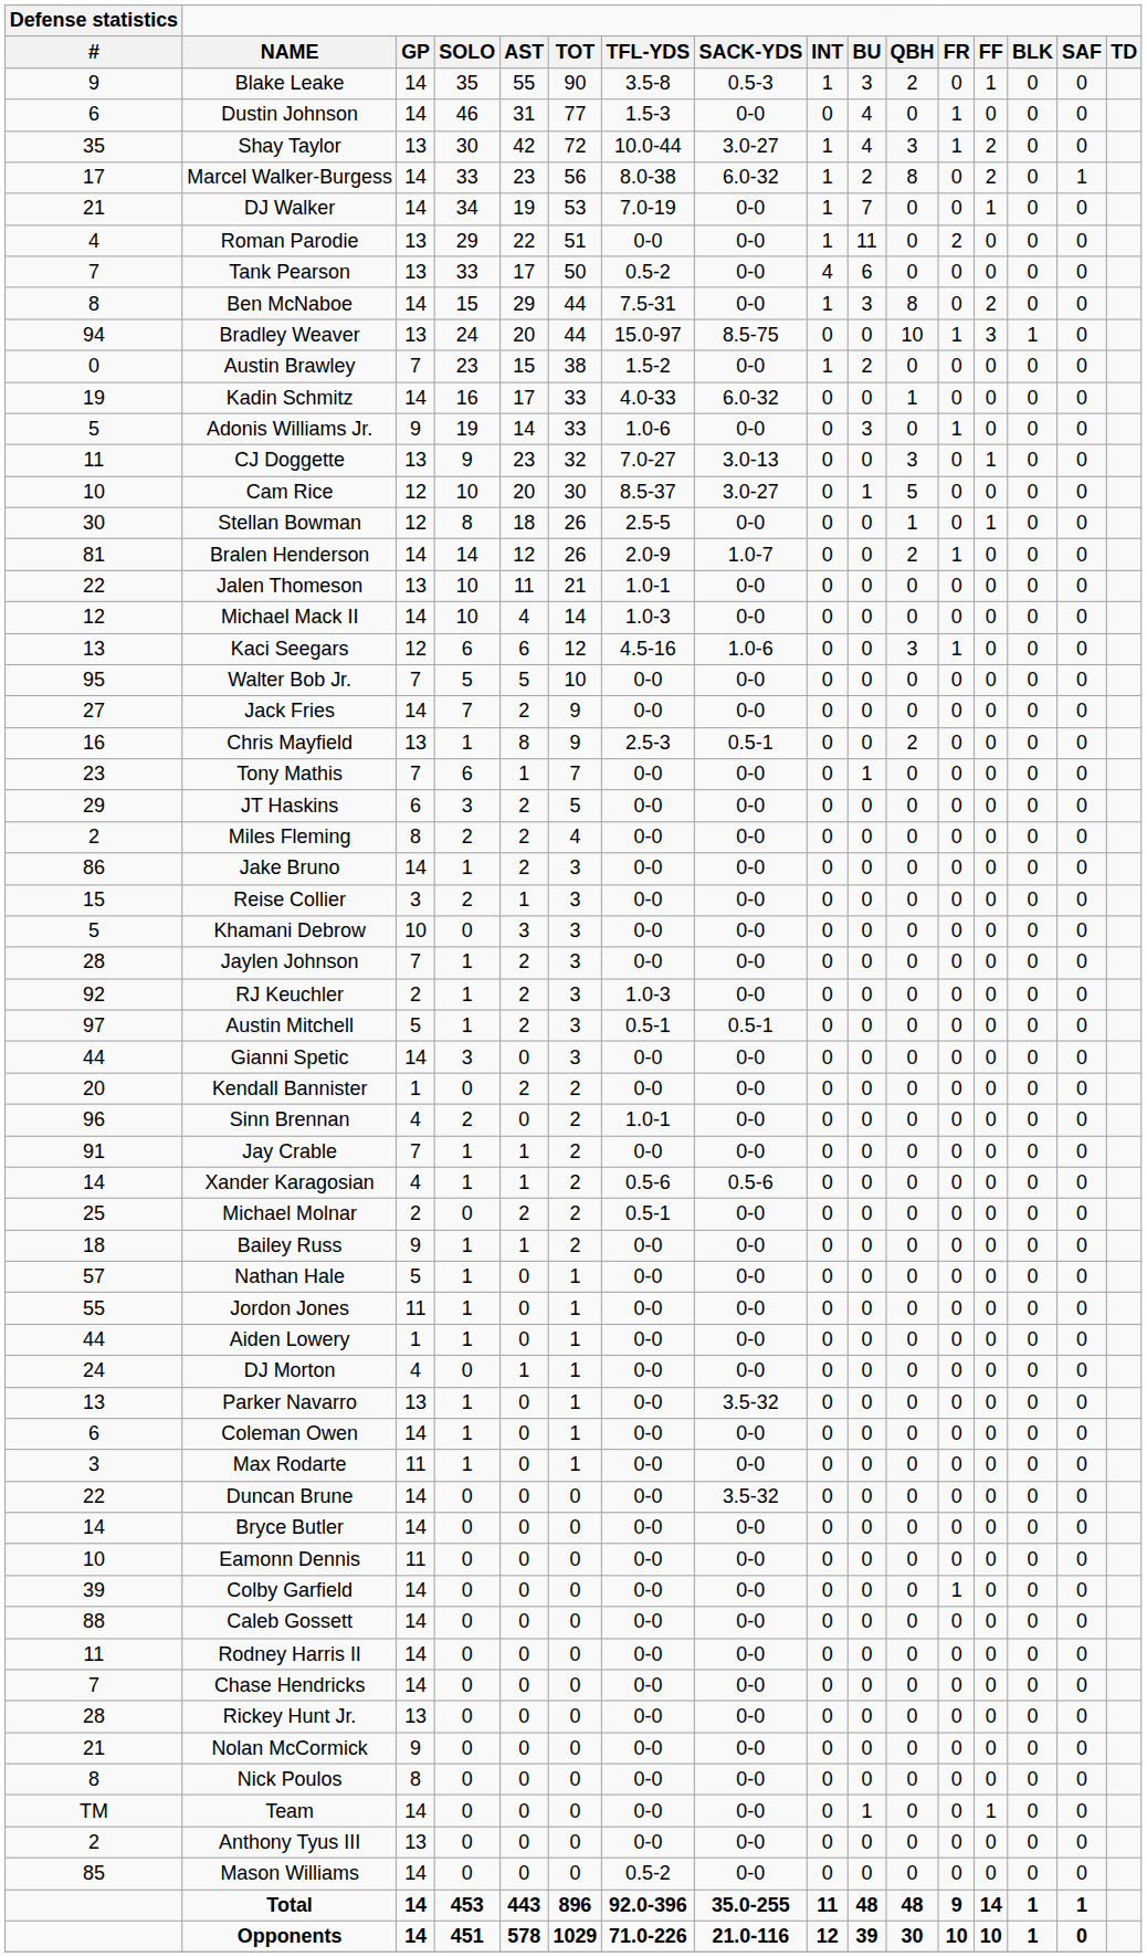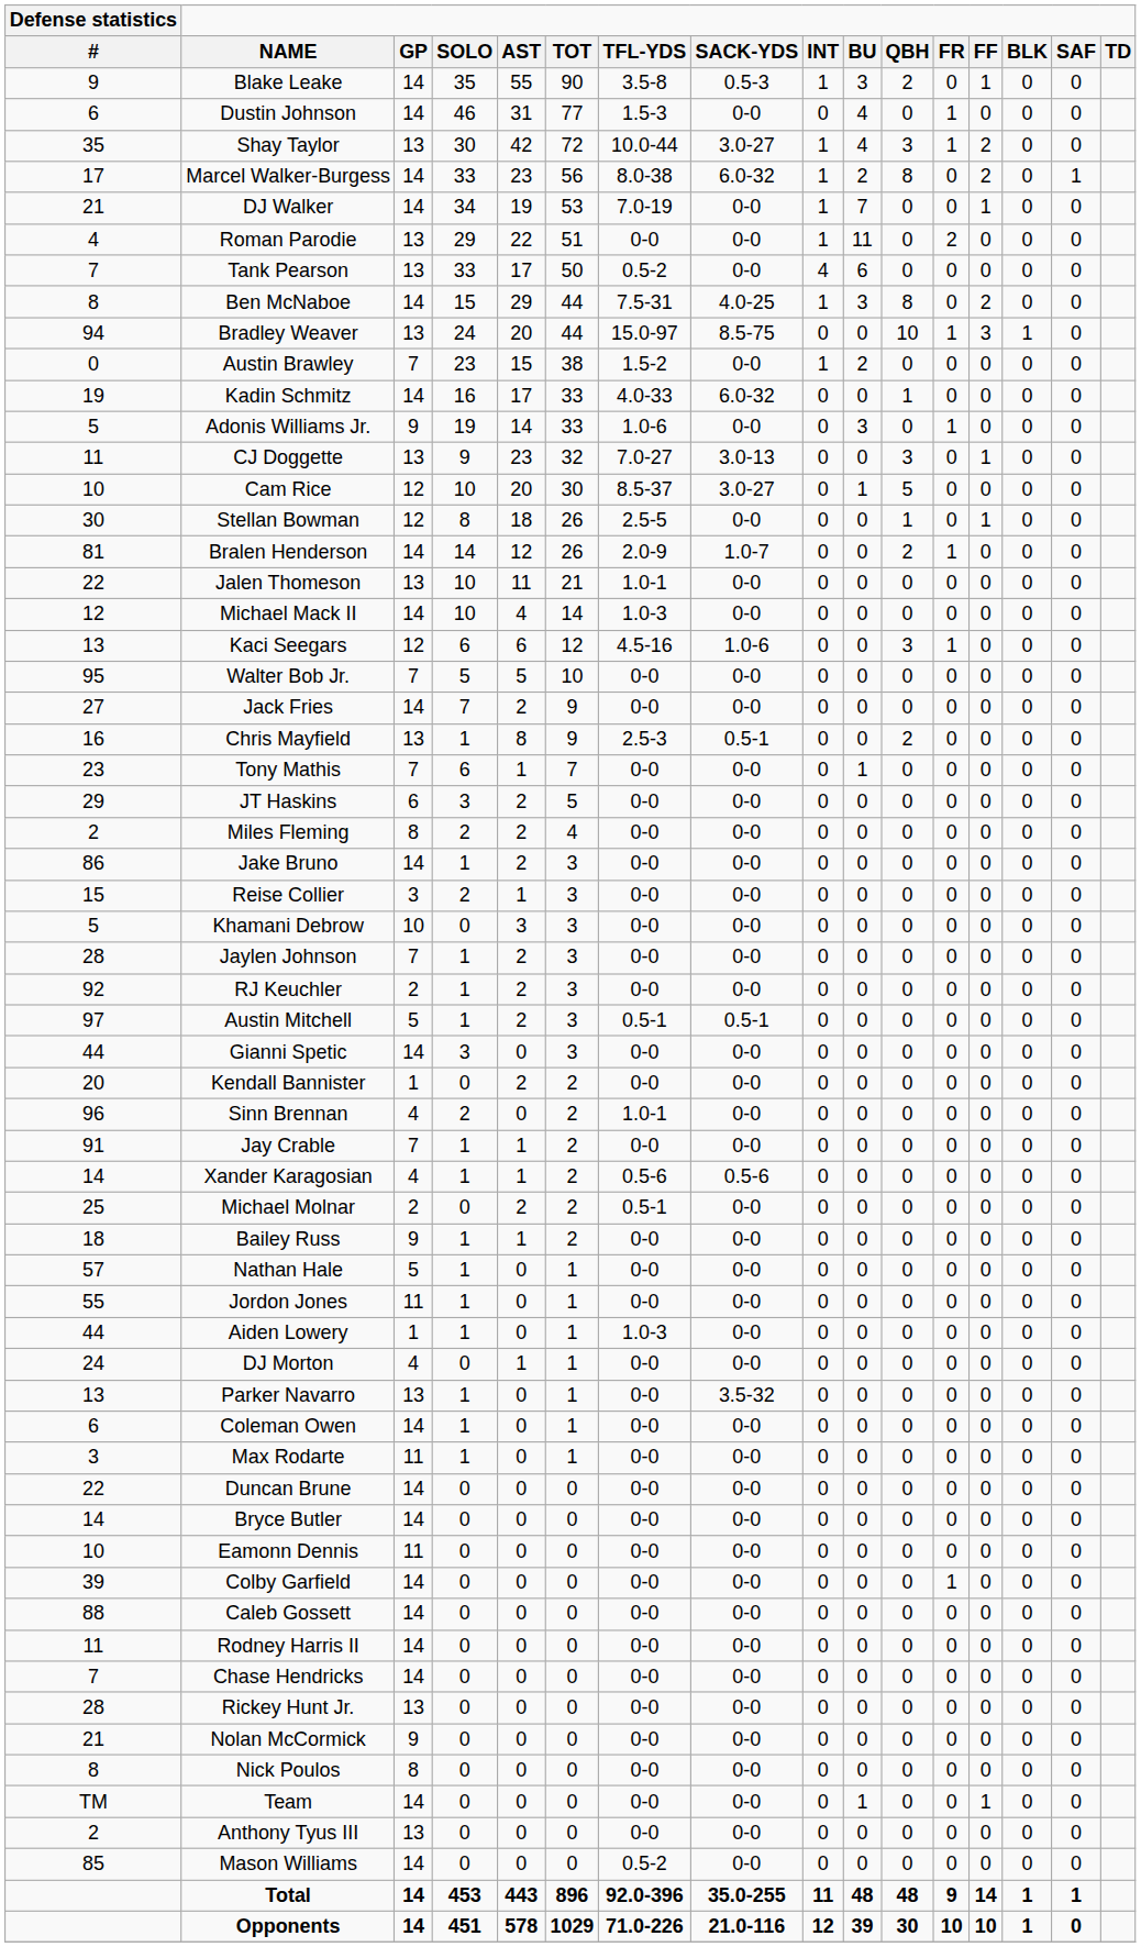 <table class="wikitable sortable" style="text-align:center;">
 <tr>
 <th style="text-align:center; ">Defense statistics</th>
 </tr>
 <tr>
 <th>#</th>
 <th>NAME</th>
 <th>GP</th>
 <th>SOLO</th>
 <th>AST</th>
 <th>TOT</th>
 <th>TFL-YDS</th>
 <th>SACK-YDS</th>
 <th>INT</th>
 <th>BU</th>
 <th>QBH</th>
 <th>FR</th>
 <th>FF</th>
 <th>BLK</th>
 <th>SAF</th>
 <th>TD</th>
 </tr>
 <tr>
 <td>9</td>
 <td>Blake Leake</td>
 <td>14</td>
 <td>35</td>
 <td>55</td>
 <td>90</td>
 <td>3.5-8</td>
 <td>0.5-3</td>
 <td>1</td>
 <td>3</td>
 <td>2</td>
 <td>0</td>
 <td>1</td>
 <td>0</td>
 <td>0</td>
 <td></td>
 </tr>
 <tr>
 <td>6</td>
 <td>Dustin Johnson</td>
 <td>14</td>
 <td>46</td>
 <td>31</td>
 <td>77</td>
 <td>1.5-3</td>
 <td>0-0</td>
 <td>0</td>
 <td>4</td>
 <td>0</td>
 <td>1</td>
 <td>0</td>
 <td>0</td>
 <td>0</td>
 <td></td>
 </tr>
 <tr>
 <td>35</td>
 <td>Shay Taylor</td>
 <td>13</td>
 <td>30</td>
 <td>42</td>
 <td>72</td>
 <td>10.0-44</td>
 <td>3.0-27</td>
 <td>1</td>
 <td>4</td>
 <td>3</td>
 <td>1</td>
 <td>2</td>
 <td>0</td>
 <td>0</td>
 <td></td>
 </tr>
 <tr>
 <td>17</td>
 <td>Marcel Walker-Burgess</td>
 <td>14</td>
 <td>33</td>
 <td>23</td>
 <td>56</td>
 <td>8.0-38</td>
 <td>6.0-32</td>
 <td>1</td>
 <td>2</td>
 <td>8</td>
 <td>0</td>
 <td>2</td>
 <td>0</td>
 <td>1</td>
 <td></td>
 </tr>
 <tr>
 <td>21</td>
 <td>DJ Walker</td>
 <td>14</td>
 <td>34</td>
 <td>19</td>
 <td>53</td>
 <td>7.0-19</td>
 <td>0-0</td>
 <td>1</td>
 <td>7</td>
 <td>0</td>
 <td>0</td>
 <td>1</td>
 <td>0</td>
 <td>0</td>
 <td></td>
 </tr>
 <tr>
 <td>4</td>
 <td>Roman Parodie</td>
 <td>13</td>
 <td>29</td>
 <td>22</td>
 <td>51</td>
 <td>0-0</td>
 <td>0-0</td>
 <td>1</td>
 <td>11</td>
 <td>0</td>
 <td>2</td>
 <td>0</td>
 <td>0</td>
 <td>0</td>
 <td></td>
 </tr>
 <tr>
 <td>7</td>
 <td>Tank Pearson</td>
 <td>13</td>
 <td>33</td>
 <td>17</td>
 <td>50</td>
 <td>0.5-2</td>
 <td>0-0</td>
 <td>4</td>
 <td>6</td>
 <td>0</td>
 <td>0</td>
 <td>0</td>
 <td>0</td>
 <td>0</td>
 <td></td>
 </tr>
 <tr>
 <td>8</td>
 <td>Ben McNaboe</td>
 <td>14</td>
 <td>15</td>
 <td>29</td>
 <td>44</td>
 <td>7.5-31</td>
-<td>0-0</td>
+<td>4.0-25</td>
 <td>1</td>
 <td>3</td>
 <td>8</td>
 <td>0</td>
 <td>2</td>
 <td>0</td>
 <td>0</td>
 <td></td>
 </tr>
 <tr>
 <td>94</td>
 <td>Bradley Weaver</td>
 <td>13</td>
 <td>24</td>
 <td>20</td>
 <td>44</td>
 <td>15.0-97</td>
 <td>8.5-75</td>
 <td>0</td>
 <td>0</td>
 <td>10</td>
 <td>1</td>
 <td>3</td>
 <td>1</td>
 <td>0</td>
 <td></td>
 </tr>
 <tr>
 <td>0</td>
 <td>Austin Brawley</td>
 <td>7</td>
 <td>23</td>
 <td>15</td>
 <td>38</td>
 <td>1.5-2</td>
 <td>0-0</td>
 <td>1</td>
 <td>2</td>
 <td>0</td>
 <td>0</td>
 <td>0</td>
 <td>0</td>
 <td>0</td>
 <td></td>
 </tr>
 <tr>
 <td>19</td>
 <td>Kadin Schmitz</td>
 <td>14</td>
 <td>16</td>
 <td>17</td>
 <td>33</td>
 <td>4.0-33</td>
 <td>6.0-32</td>
 <td>0</td>
 <td>0</td>
 <td>1</td>
 <td>0</td>
 <td>0</td>
 <td>0</td>
 <td>0</td>
 <td></td>
 </tr>
 <tr>
 <td>5</td>
 <td>Adonis Williams Jr.</td>
 <td>9</td>
 <td>19</td>
 <td>14</td>
 <td>33</td>
 <td>1.0-6</td>
 <td>0-0</td>
 <td>0</td>
 <td>3</td>
 <td>0</td>
 <td>1</td>
 <td>0</td>
 <td>0</td>
 <td>0</td>
 <td></td>
 </tr>
 <tr>
 <td>11</td>
 <td>CJ Doggette</td>
 <td>13</td>
 <td>9</td>
 <td>23</td>
 <td>32</td>
 <td>7.0-27</td>
 <td>3.0-13</td>
 <td>0</td>
 <td>0</td>
 <td>3</td>
 <td>0</td>
 <td>1</td>
 <td>0</td>
 <td>0</td>
 <td></td>
 </tr>
 <tr>
 <td>10</td>
 <td>Cam Rice</td>
 <td>12</td>
 <td>10</td>
 <td>20</td>
 <td>30</td>
 <td>8.5-37</td>
 <td>3.0-27</td>
 <td>0</td>
 <td>1</td>
 <td>5</td>
 <td>0</td>
 <td>0</td>
 <td>0</td>
 <td>0</td>
 <td></td>
 </tr>
 <tr>
 <td>30</td>
 <td>Stellan Bowman</td>
 <td>12</td>
 <td>8</td>
 <td>18</td>
 <td>26</td>
 <td>2.5-5</td>
 <td>0-0</td>
 <td>0</td>
 <td>0</td>
 <td>1</td>
 <td>0</td>
 <td>1</td>
 <td>0</td>
 <td>0</td>
 <td></td>
 </tr>
 <tr>
 <td>81</td>
 <td>Bralen Henderson</td>
 <td>14</td>
 <td>14</td>
 <td>12</td>
 <td>26</td>
 <td>2.0-9</td>
 <td>1.0-7</td>
 <td>0</td>
 <td>0</td>
 <td>2</td>
 <td>1</td>
 <td>0</td>
 <td>0</td>
 <td>0</td>
 <td></td>
 </tr>
 <tr>
 <td>22</td>
 <td>Jalen Thomeson</td>
 <td>13</td>
 <td>10</td>
 <td>11</td>
 <td>21</td>
 <td>1.0-1</td>
 <td>0-0</td>
 <td>0</td>
 <td>0</td>
 <td>0</td>
 <td>0</td>
 <td>0</td>
 <td>0</td>
 <td>0</td>
 <td></td>
 </tr>
 <tr>
 <td>12</td>
 <td>Michael Mack II</td>
 <td>14</td>
 <td>10</td>
 <td>4</td>
 <td>14</td>
 <td>1.0-3</td>
 <td>0-0</td>
 <td>0</td>
 <td>0</td>
 <td>0</td>
 <td>0</td>
 <td>0</td>
 <td>0</td>
 <td>0</td>
 <td></td>
 </tr>
 <tr>
 <td>13</td>
 <td>Kaci Seegars</td>
 <td>12</td>
 <td>6</td>
 <td>6</td>
 <td>12</td>
 <td>4.5-16</td>
 <td>1.0-6</td>
 <td>0</td>
 <td>0</td>
 <td>3</td>
 <td>1</td>
 <td>0</td>
 <td>0</td>
 <td>0</td>
 <td></td>
 </tr>
 <tr>
 <td>95</td>
 <td>Walter Bob Jr.</td>
 <td>7</td>
 <td>5</td>
 <td>5</td>
 <td>10</td>
 <td>0-0</td>
 <td>0-0</td>
 <td>0</td>
 <td>0</td>
 <td>0</td>
 <td>0</td>
 <td>0</td>
 <td>0</td>
 <td>0</td>
 <td></td>
 </tr>
 <tr>
 <td>27</td>
 <td>Jack Fries</td>
 <td>14</td>
 <td>7</td>
 <td>2</td>
 <td>9</td>
 <td>0-0</td>
 <td>0-0</td>
 <td>0</td>
 <td>0</td>
 <td>0</td>
 <td>0</td>
 <td>0</td>
 <td>0</td>
 <td>0</td>
 <td></td>
 </tr>
 <tr>
 <td>16</td>
 <td>Chris Mayfield</td>
 <td>13</td>
 <td>1</td>
 <td>8</td>
 <td>9</td>
 <td>2.5-3</td>
 <td>0.5-1</td>
 <td>0</td>
 <td>0</td>
 <td>2</td>
 <td>0</td>
 <td>0</td>
 <td>0</td>
 <td>0</td>
 <td></td>
 </tr>
 <tr>
 <td>23</td>
 <td>Tony Mathis</td>
 <td>7</td>
 <td>6</td>
 <td>1</td>
 <td>7</td>
 <td>0-0</td>
 <td>0-0</td>
 <td>0</td>
 <td>1</td>
 <td>0</td>
 <td>0</td>
 <td>0</td>
 <td>0</td>
 <td>0</td>
 <td></td>
 </tr>
 <tr>
 <td>29</td>
 <td>JT Haskins</td>
 <td>6</td>
 <td>3</td>
 <td>2</td>
 <td>5</td>
 <td>0-0</td>
 <td>0-0</td>
 <td>0</td>
 <td>0</td>
 <td>0</td>
 <td>0</td>
 <td>0</td>
 <td>0</td>
 <td>0</td>
 <td></td>
 </tr>
 <tr>
 <td>2</td>
 <td>Miles Fleming</td>
 <td>8</td>
 <td>2</td>
 <td>2</td>
 <td>4</td>
 <td>0-0</td>
 <td>0-0</td>
 <td>0</td>
 <td>0</td>
 <td>0</td>
 <td>0</td>
 <td>0</td>
 <td>0</td>
 <td>0</td>
 <td></td>
 </tr>
 <tr>
 <td>86</td>
 <td>Jake Bruno</td>
 <td>14</td>
 <td>1</td>
 <td>2</td>
 <td>3</td>
 <td>0-0</td>
 <td>0-0</td>
 <td>0</td>
 <td>0</td>
 <td>0</td>
 <td>0</td>
 <td>0</td>
 <td>0</td>
 <td>0</td>
 <td></td>
 </tr>
 <tr>
 <td>15</td>
 <td>Reise Collier</td>
 <td>3</td>
 <td>2</td>
 <td>1</td>
 <td>3</td>
 <td>0-0</td>
 <td>0-0</td>
 <td>0</td>
 <td>0</td>
 <td>0</td>
 <td>0</td>
 <td>0</td>
 <td>0</td>
 <td>0</td>
 <td></td>
 </tr>
 <tr>
 <td>5</td>
 <td>Khamani Debrow</td>
 <td>10</td>
 <td>0</td>
 <td>3</td>
 <td>3</td>
 <td>0-0</td>
 <td>0-0</td>
 <td>0</td>
 <td>0</td>
 <td>0</td>
 <td>0</td>
 <td>0</td>
 <td>0</td>
 <td>0</td>
 <td></td>
 </tr>
 <tr>
 <td>28</td>
 <td>Jaylen Johnson</td>
 <td>7</td>
 <td>1</td>
 <td>2</td>
 <td>3</td>
 <td>0-0</td>
 <td>0-0</td>
 <td>0</td>
 <td>0</td>
 <td>0</td>
 <td>0</td>
 <td>0</td>
 <td>0</td>
 <td>0</td>
 <td></td>
 </tr>
 <tr>
 <td>92</td>
 <td>RJ Keuchler</td>
 <td>2</td>
 <td>1</td>
 <td>2</td>
 <td>3</td>
-<td>1.0-3</td>
+<td>0-0</td>
 <td>0-0</td>
 <td>0</td>
 <td>0</td>
 <td>0</td>
 <td>0</td>
 <td>0</td>
 <td>0</td>
 <td>0</td>
 <td></td>
 </tr>
 <tr>
 <td>97</td>
 <td>Austin Mitchell</td>
 <td>5</td>
 <td>1</td>
 <td>2</td>
 <td>3</td>
 <td>0.5-1</td>
 <td>0.5-1</td>
 <td>0</td>
 <td>0</td>
 <td>0</td>
 <td>0</td>
 <td>0</td>
 <td>0</td>
 <td>0</td>
 <td></td>
 </tr>
 <tr>
 <td>44</td>
 <td>Gianni Spetic</td>
 <td>14</td>
 <td>3</td>
 <td>0</td>
 <td>3</td>
 <td>0-0</td>
 <td>0-0</td>
 <td>0</td>
 <td>0</td>
 <td>0</td>
 <td>0</td>
 <td>0</td>
 <td>0</td>
 <td>0</td>
 <td></td>
 </tr>
 <tr>
 <td>20</td>
 <td>Kendall Bannister</td>
 <td>1</td>
 <td>0</td>
 <td>2</td>
 <td>2</td>
 <td>0-0</td>
 <td>0-0</td>
 <td>0</td>
 <td>0</td>
 <td>0</td>
 <td>0</td>
 <td>0</td>
 <td>0</td>
 <td>0</td>
 <td></td>
 </tr>
 <tr>
 <td>96</td>
 <td>Sinn Brennan</td>
 <td>4</td>
 <td>2</td>
 <td>0</td>
 <td>2</td>
 <td>1.0-1</td>
 <td>0-0</td>
 <td>0</td>
 <td>0</td>
 <td>0</td>
 <td>0</td>
 <td>0</td>
 <td>0</td>
 <td>0</td>
 <td></td>
 </tr>
 <tr>
 <td>91</td>
 <td>Jay Crable</td>
 <td>7</td>
 <td>1</td>
 <td>1</td>
 <td>2</td>
 <td>0-0</td>
 <td>0-0</td>
 <td>0</td>
 <td>0</td>
 <td>0</td>
 <td>0</td>
 <td>0</td>
 <td>0</td>
 <td>0</td>
 <td></td>
 </tr>
 <tr>
 <td>14</td>
 <td>Xander Karagosian</td>
 <td>4</td>
 <td>1</td>
 <td>1</td>
 <td>2</td>
 <td>0.5-6</td>
 <td>0.5-6</td>
 <td>0</td>
 <td>0</td>
 <td>0</td>
 <td>0</td>
 <td>0</td>
 <td>0</td>
 <td>0</td>
 <td></td>
 </tr>
 <tr>
 <td>25</td>
 <td>Michael Molnar</td>
 <td>2</td>
 <td>0</td>
 <td>2</td>
 <td>2</td>
 <td>0.5-1</td>
 <td>0-0</td>
 <td>0</td>
 <td>0</td>
 <td>0</td>
 <td>0</td>
 <td>0</td>
 <td>0</td>
 <td>0</td>
 <td></td>
 </tr>
 <tr>
 <td>18</td>
 <td>Bailey Russ</td>
 <td>9</td>
 <td>1</td>
 <td>1</td>
 <td>2</td>
 <td>0-0</td>
 <td>0-0</td>
 <td>0</td>
 <td>0</td>
 <td>0</td>
 <td>0</td>
 <td>0</td>
 <td>0</td>
 <td>0</td>
 <td></td>
 </tr>
 <tr>
 <td>57</td>
 <td>Nathan Hale</td>
 <td>5</td>
 <td>1</td>
 <td>0</td>
 <td>1</td>
 <td>0-0</td>
 <td>0-0</td>
 <td>0</td>
 <td>0</td>
 <td>0</td>
 <td>0</td>
 <td>0</td>
 <td>0</td>
 <td>0</td>
 <td></td>
 </tr>
 <tr>
 <td>55</td>
 <td>Jordon Jones</td>
 <td>11</td>
 <td>1</td>
 <td>0</td>
 <td>1</td>
 <td>0-0</td>
 <td>0-0</td>
 <td>0</td>
 <td>0</td>
 <td>0</td>
 <td>0</td>
 <td>0</td>
 <td>0</td>
 <td>0</td>
 <td></td>
 </tr>
 <tr>
 <td>44</td>
 <td>Aiden Lowery</td>
 <td>1</td>
 <td>1</td>
 <td>0</td>
 <td>1</td>
-<td>0-0</td>
+<td>1.0-3</td>
 <td>0-0</td>
 <td>0</td>
 <td>0</td>
 <td>0</td>
 <td>0</td>
 <td>0</td>
 <td>0</td>
 <td>0</td>
 <td></td>
 </tr>
 <tr>
 <td>24</td>
 <td>DJ Morton</td>
 <td>4</td>
 <td>0</td>
 <td>1</td>
 <td>1</td>
 <td>0-0</td>
 <td>0-0</td>
 <td>0</td>
 <td>0</td>
 <td>0</td>
 <td>0</td>
 <td>0</td>
 <td>0</td>
 <td>0</td>
 <td></td>
 </tr>
 <tr>
 <td>13</td>
 <td>Parker Navarro</td>
 <td>13</td>
 <td>1</td>
 <td>0</td>
 <td>1</td>
 <td>0-0</td>
 <td>3.5-32</td>
 <td>0</td>
 <td>0</td>
 <td>0</td>
 <td>0</td>
 <td>0</td>
 <td>0</td>
 <td>0</td>
 <td></td>
 </tr>
 <tr>
 <td>6</td>
 <td>Coleman Owen</td>
 <td>14</td>
 <td>1</td>
 <td>0</td>
 <td>1</td>
 <td>0-0</td>
 <td>0-0</td>
 <td>0</td>
 <td>0</td>
 <td>0</td>
 <td>0</td>
 <td>0</td>
 <td>0</td>
 <td>0</td>
 <td></td>
 </tr>
 <tr>
 <td>3</td>
 <td>Max Rodarte</td>
 <td>11</td>
 <td>1</td>
 <td>0</td>
 <td>1</td>
 <td>0-0</td>
 <td>0-0</td>
 <td>0</td>
 <td>0</td>
 <td>0</td>
 <td>0</td>
 <td>0</td>
 <td>0</td>
 <td>0</td>
 <td></td>
 </tr>
 <tr>
 <td>22</td>
 <td>Duncan Brune</td>
 <td>14</td>
 <td>0</td>
 <td>0</td>
 <td>0</td>
 <td>0-0</td>
-<td>3.5-32</td>
+<td>0-0</td>
 <td>0</td>
 <td>0</td>
 <td>0</td>
 <td>0</td>
 <td>0</td>
 <td>0</td>
 <td>0</td>
 <td></td>
 </tr>
 <tr>
 <td>14</td>
 <td>Bryce Butler</td>
 <td>14</td>
 <td>0</td>
 <td>0</td>
 <td>0</td>
 <td>0-0</td>
 <td>0-0</td>
 <td>0</td>
 <td>0</td>
 <td>0</td>
 <td>0</td>
 <td>0</td>
 <td>0</td>
 <td>0</td>
 <td></td>
 </tr>
 <tr>
 <td>10</td>
 <td>Eamonn Dennis</td>
 <td>11</td>
 <td>0</td>
 <td>0</td>
 <td>0</td>
 <td>0-0</td>
 <td>0-0</td>
 <td>0</td>
 <td>0</td>
 <td>0</td>
 <td>0</td>
 <td>0</td>
 <td>0</td>
 <td>0</td>
 <td></td>
 </tr>
 <tr>
 <td>39</td>
 <td>Colby Garfield</td>
 <td>14</td>
 <td>0</td>
 <td>0</td>
 <td>0</td>
 <td>0-0</td>
 <td>0-0</td>
 <td>0</td>
 <td>0</td>
 <td>0</td>
 <td>1</td>
 <td>0</td>
 <td>0</td>
 <td>0</td>
 <td></td>
 </tr>
 <tr>
 <td>88</td>
 <td>Caleb Gossett</td>
 <td>14</td>
 <td>0</td>
 <td>0</td>
 <td>0</td>
 <td>0-0</td>
 <td>0-0</td>
 <td>0</td>
 <td>0</td>
 <td>0</td>
 <td>0</td>
 <td>0</td>
 <td>0</td>
 <td>0</td>
 <td></td>
 </tr>
 <tr>
 <td>11</td>
 <td>Rodney Harris II</td>
 <td>14</td>
 <td>0</td>
 <td>0</td>
 <td>0</td>
 <td>0-0</td>
 <td>0-0</td>
 <td>0</td>
 <td>0</td>
 <td>0</td>
 <td>0</td>
 <td>0</td>
 <td>0</td>
 <td>0</td>
 <td></td>
 </tr>
 <tr>
 <td>7</td>
 <td>Chase Hendricks</td>
 <td>14</td>
 <td>0</td>
 <td>0</td>
 <td>0</td>
 <td>0-0</td>
 <td>0-0</td>
 <td>0</td>
 <td>0</td>
 <td>0</td>
 <td>0</td>
 <td>0</td>
 <td>0</td>
 <td>0</td>
 <td></td>
 </tr>
 <tr>
 <td>28</td>
 <td>Rickey Hunt Jr.</td>
 <td>13</td>
 <td>0</td>
 <td>0</td>
 <td>0</td>
 <td>0-0</td>
 <td>0-0</td>
 <td>0</td>
 <td>0</td>
 <td>0</td>
 <td>0</td>
 <td>0</td>
 <td>0</td>
 <td>0</td>
 <td></td>
 </tr>
 <tr>
 <td>21</td>
 <td>Nolan McCormick</td>
 <td>9</td>
 <td>0</td>
 <td>0</td>
 <td>0</td>
 <td>0-0</td>
 <td>0-0</td>
 <td>0</td>
 <td>0</td>
 <td>0</td>
 <td>0</td>
 <td>0</td>
 <td>0</td>
 <td>0</td>
 <td></td>
 </tr>
 <tr>
 <td>8</td>
 <td>Nick Poulos</td>
 <td>8</td>
 <td>0</td>
 <td>0</td>
 <td>0</td>
 <td>0-0</td>
 <td>0-0</td>
 <td>0</td>
 <td>0</td>
 <td>0</td>
 <td>0</td>
 <td>0</td>
 <td>0</td>
 <td>0</td>
 <td></td>
 </tr>
 <tr>
 <td>TM</td>
 <td>Team</td>
 <td>14</td>
 <td>0</td>
 <td>0</td>
 <td>0</td>
 <td>0-0</td>
 <td>0-0</td>
 <td>0</td>
 <td>1</td>
 <td>0</td>
 <td>0</td>
 <td>1</td>
 <td>0</td>
 <td>0</td>
 <td></td>
 </tr>
 <tr>
 <td>2</td>
 <td>Anthony Tyus III</td>
 <td>13</td>
 <td>0</td>
 <td>0</td>
 <td>0</td>
 <td>0-0</td>
 <td>0-0</td>
 <td>0</td>
 <td>0</td>
 <td>0</td>
 <td>0</td>
 <td>0</td>
 <td>0</td>
 <td>0</td>
 <td></td>
 </tr>
 <tr>
 <td>85</td>
 <td>Mason Williams</td>
 <td>14</td>
 <td>0</td>
 <td>0</td>
 <td>0</td>
 <td>0.5-2</td>
 <td>0-0</td>
 <td>0</td>
 <td>0</td>
 <td>0</td>
 <td>0</td>
 <td>0</td>
 <td>0</td>
 <td>0</td>
 <td></td>
 </tr>
 <tr>
 <td></td>
 <td><strong>Total</strong></td>
 <td><strong>14</strong></td>
 <td><strong>453</strong></td>
 <td><strong>443</strong></td>
 <td><strong>896</strong></td>
 <td><strong>92.0-396</strong></td>
 <td><strong>35.0-255</strong></td>
 <td><strong>11</strong></td>
 <td><strong>48</strong></td>
 <td><strong>48</strong></td>
 <td><strong>9</strong></td>
 <td><strong>14</strong></td>
 <td><strong>1</strong></td>
 <td><strong>1</strong></td>
 <td></td>
 </tr>
 <tr>
 <td></td>
 <td><strong>Opponents</strong></td>
 <td><strong>14</strong></td>
 <td><strong>451</strong></td>
 <td><strong>578</strong></td>
 <td><strong>1029</strong></td>
 <td><strong>71.0-226</strong></td>
 <td><strong>21.0-116</strong></td>
 <td><strong>12</strong></td>
 <td><strong>39</strong></td>
 <td><strong>30</strong></td>
 <td><strong>10</strong></td>
 <td><strong>10</strong></td>
 <td><strong>1</strong></td>
 <td><strong>0</strong></td>
 <td></td>
 </tr>
 <tr>
 </tr>
 </table>
